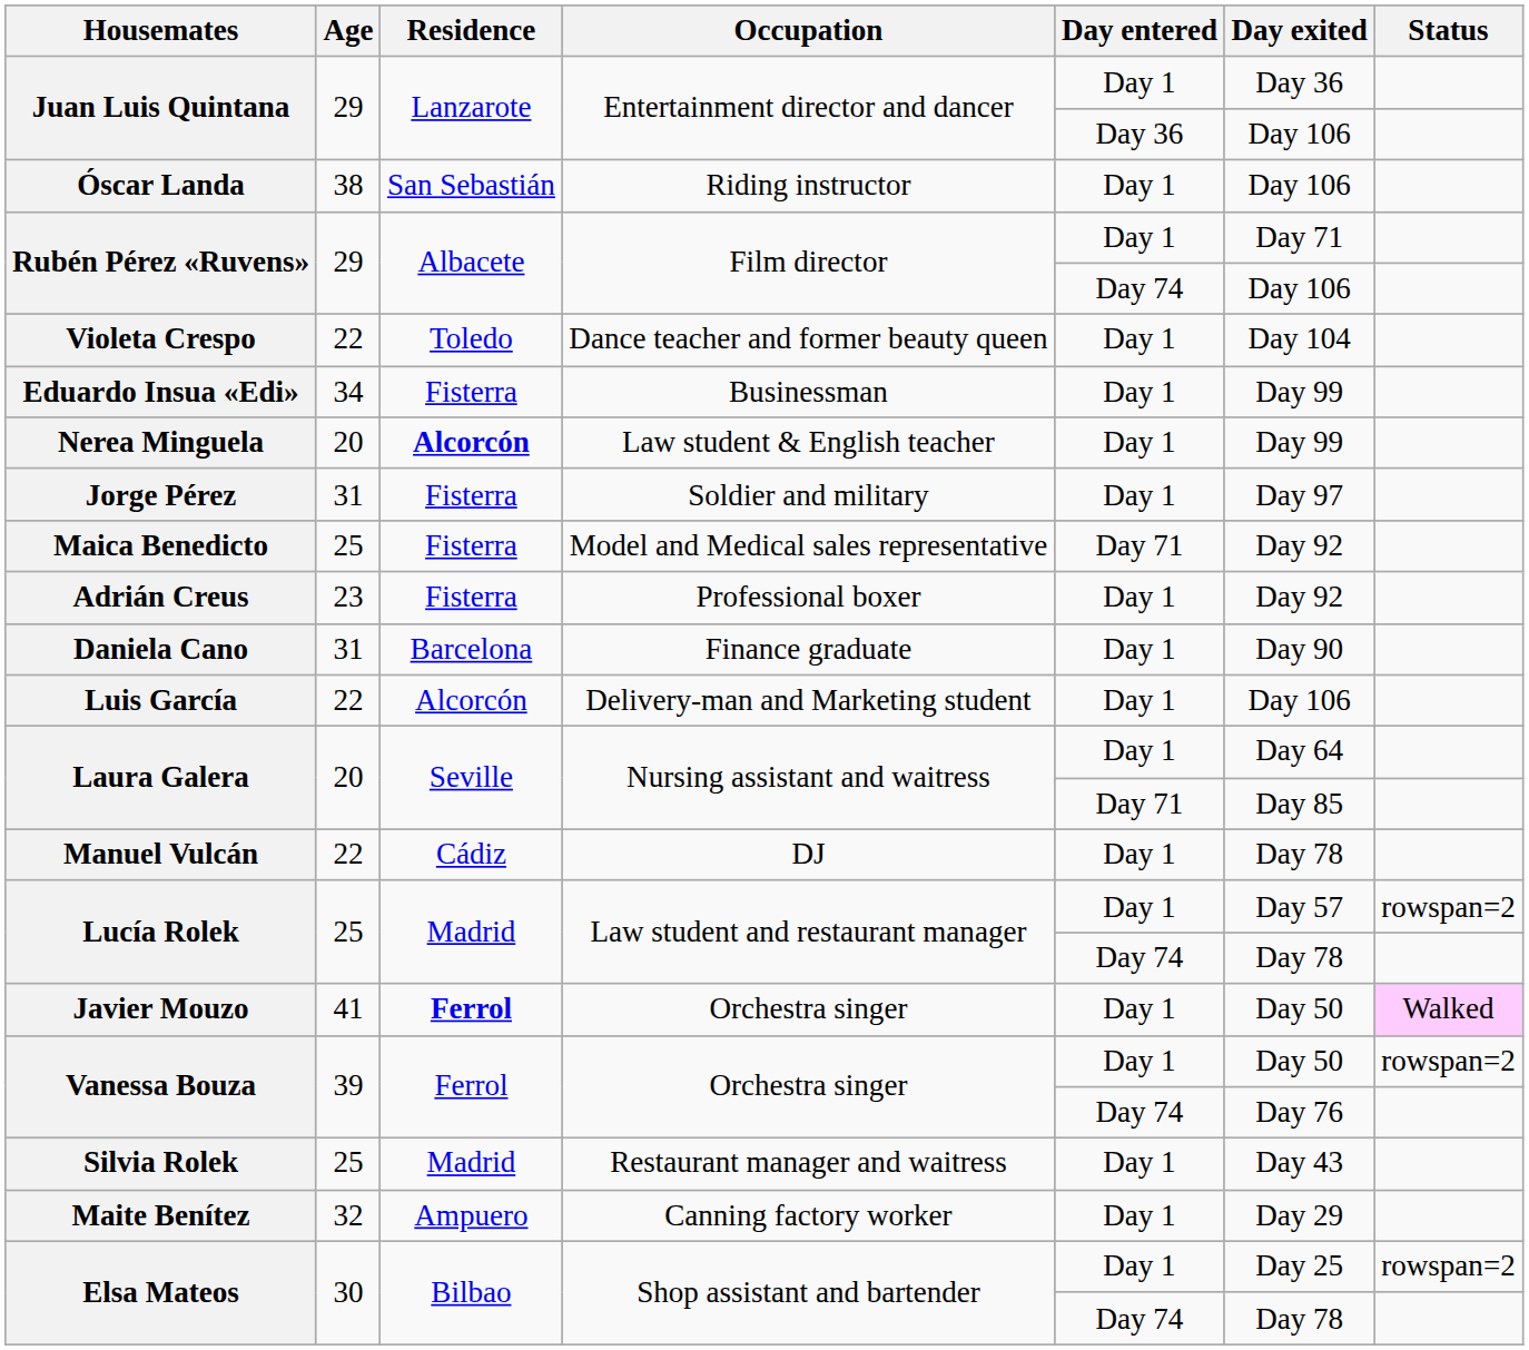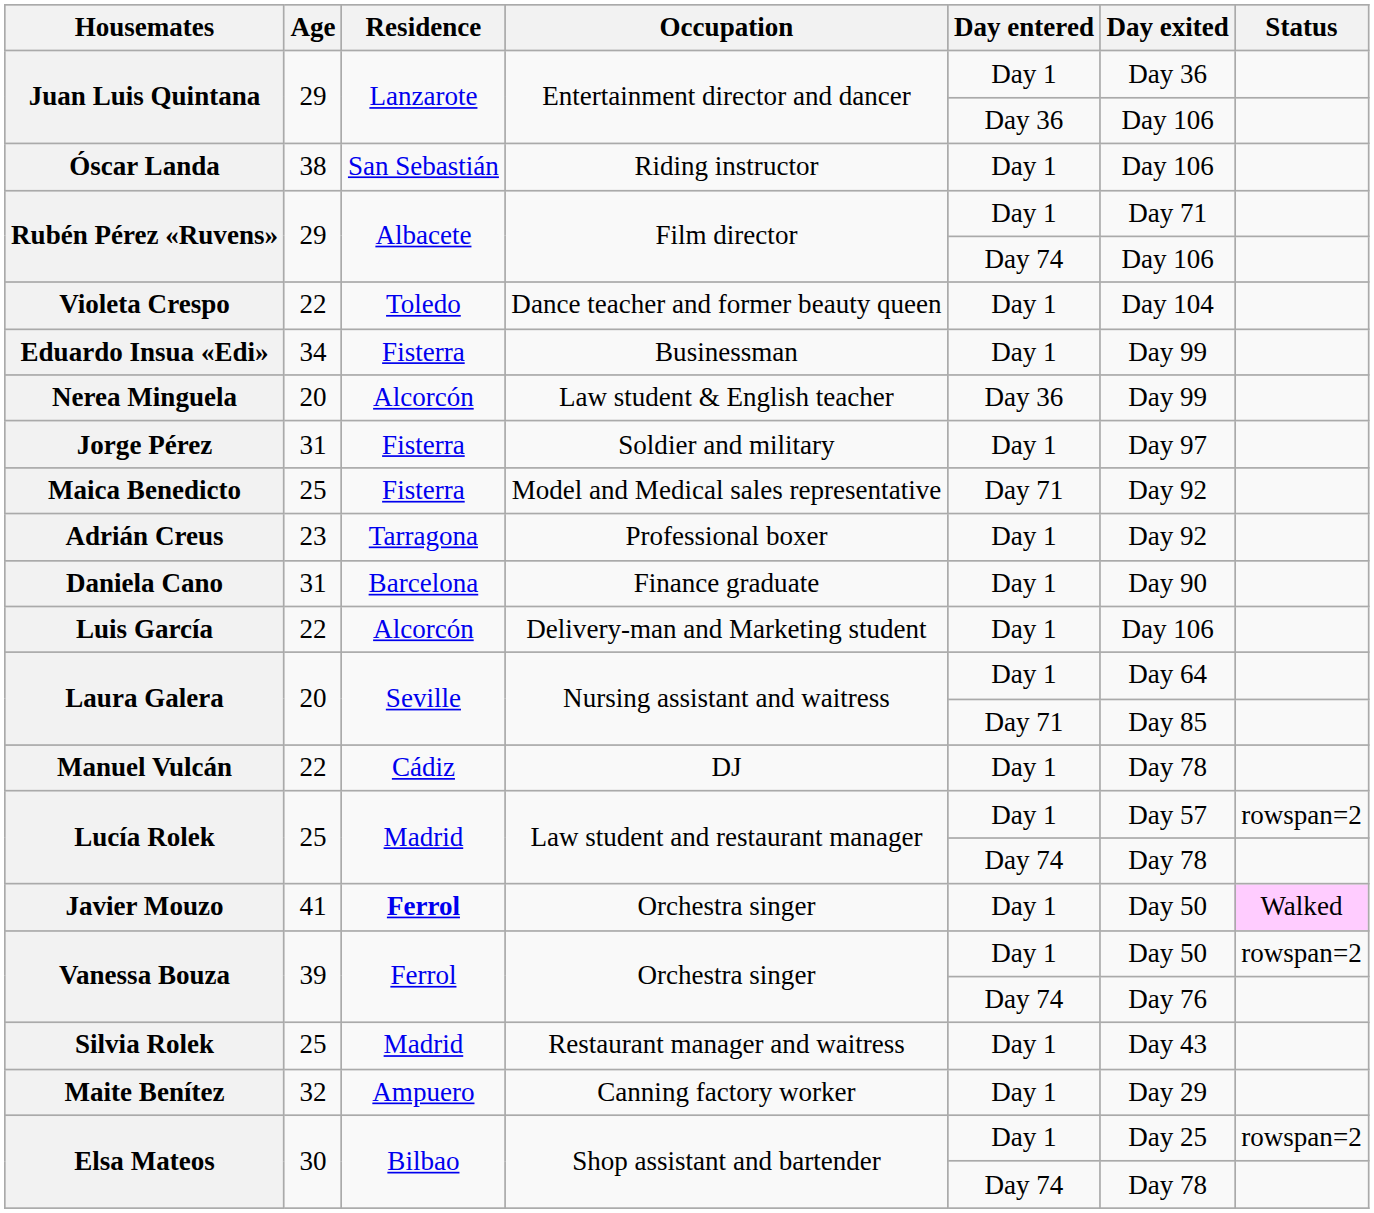 <table class="wikitable sortable" style="text-align:center; line-height:20px; width:auto;">
 <tr>
 <th>Housemates</th>
 <th>Age</th>
 <th>Residence</th>
 <th>Occupation</th>
 <th>Day entered</th>
 <th>Day exited</th>
 <th>Status</th>
 </tr>
 <tr>
 <th rowspan=2>Juan Luis Quintana</th>
 <td rowspan=2>29</td>
 <td rowspan=2><a href='#'>Lanzarote</a></td>
 <td rowspan=2>Entertainment director and dancer</td>
 <td>Day 1</td>
 <td>Day 36</td>
 <td></td>
 </tr>
 <tr>
 <td>Day 36</td>
 <td>Day 106</td>
 <td></td>
 </tr>
 <tr>
 <th>Óscar Landa</th>
 <td>38</td>
 <td><a href='#'>San Sebastián</a></td>
 <td>Riding instructor</td>
 <td>Day 1</td>
 <td>Day 106</td>
 <td></td>
 </tr>
 <tr>
 <th rowspan=2>Rubén Pérez «Ruvens»</th>
 <td rowspan=2>29</td>
 <td rowspan=2><a href='#'>Albacete</a></td>
 <td rowspan=2>Film director</td>
 <td>Day 1</td>
 <td>Day 71</td>
 <td></td>
 </tr>
 <tr>
 <td>Day 74</td>
 <td>Day 106</td>
 <td></td>
 </tr>
 <tr>
 <th>Violeta Crespo</th>
 <td>22</td>
 <td><a href='#'>Toledo</a></td>
 <td>Dance teacher and former beauty queen</td>
 <td>Day 1</td>
 <td>Day 104</td>
 <td></td>
 </tr>
 <tr>
 <th>Eduardo Insua «Edi»</th>
 <td>34</td>
 <td><a href='#'>Fisterra</a></td>
 <td>Businessman</td>
 <td>Day 1</td>
 <td>Day 99</td>
 <td></td>
 </tr>
 <tr>
 <th>Nerea Minguela</th>
 <td>20</td>
-<td><strong><a href='#'>Alcorcón</a></strong></td>
+<td><a href='#'>Alcorcón</a></td>
 <td>Law student & English teacher</td>
-<td>Day 1</td>
+<td>Day 36</td>
 <td>Day 99</td>
 <td></td>
 </tr>
 <tr>
 <th>Jorge Pérez</th>
 <td>31</td>
 <td><a href='#'>Fisterra</a></td>
 <td>Soldier and military</td>
 <td>Day 1</td>
 <td>Day 97</td>
 <td></td>
 </tr>
 <tr>
 <th>Maica Benedicto</th>
 <td>25</td>
 <td><a href='#'>Fisterra</a></td>
 <td>Model and Medical sales representative</td>
 <td>Day 71</td>
 <td>Day 92</td>
 <td></td>
 </tr>
 <tr>
 <th> Adrián Creus</th>
 <td>23</td>
-<td><a href='#'>Fisterra</a></td>
+<td><a href='#'>Tarragona</a></td>
 <td>Professional boxer</td>
 <td>Day 1</td>
 <td>Day 92</td>
 <td></td>
 </tr>
 <tr>
 <th> Daniela Cano</th>
 <td>31</td>
 <td><a href='#'>Barcelona</a></td>
 <td>Finance graduate</td>
 <td>Day 1</td>
 <td>Day 90</td>
 <td></td>
 </tr>
 <tr>
 <th>Luis García</th>
 <td>22</td>
 <td><a href='#'>Alcorcón</a></td>
 <td>Delivery-man and Marketing student</td>
 <td>Day 1</td>
 <td>Day 106</td>
 <td></td>
 </tr>
 <tr>
 <th rowspan=2>Laura Galera</th>
 <td rowspan=2>20</td>
 <td rowspan=2><a href='#'>Seville</a></td>
 <td rowspan=2>Nursing assistant and waitress</td>
 <td>Day 1</td>
 <td>Day 64</td>
 <td></td>
 </tr>
 <tr>
 <td>Day 71</td>
 <td>Day 85</td>
 <td></td>
 </tr>
 <tr>
 <th>Manuel Vulcán</th>
 <td>22</td>
 <td><a href='#'>Cádiz</a></td>
 <td>DJ</td>
 <td>Day 1</td>
 <td>Day 78</td>
 <td></td>
 </tr>
 <tr>
 <th rowspan=2> Lucía Rolek</th>
 <td rowspan=2>25</td>
 <td rowspan=2><a href='#'>Madrid</a></td>
 <td rowspan=2>Law student and restaurant manager</td>
 <td>Day 1</td>
 <td>Day 57</td>
 <td>rowspan=2 </td>
 </tr>
 <tr>
 <td>Day 74</td>
 <td>Day 78</td>
 </tr>
 <tr>
 <th>Javier Mouzo</th>
 <td>41</td>
 <td><strong><a href='#'>Ferrol</a></strong></td>
 <td>Orchestra singer</td>
 <td>Day 1</td>
 <td>Day 50</td>
 <td style="background:#fcf">Walked</td>
 </tr>
 <tr>
 <th rowspan=2>Vanessa Bouza</th>
 <td rowspan=2>39</td>
 <td rowspan=2><a href='#'>Ferrol</a></td>
 <td rowspan=2>Orchestra singer</td>
 <td>Day 1</td>
 <td>Day 50</td>
 <td>rowspan=2 </td>
 </tr>
 <tr>
 <td>Day 74</td>
 <td>Day 76</td>
 </tr>
 <tr>
 <th> Silvia Rolek</th>
 <td>25</td>
 <td><a href='#'>Madrid</a></td>
 <td>Restaurant manager and waitress</td>
 <td>Day 1</td>
 <td>Day 43</td>
 <td></td>
 </tr>
 <tr>
 <th>Maite Benítez</th>
 <td>32</td>
 <td><a href='#'>Ampuero</a></td>
 <td>Canning factory worker</td>
 <td>Day 1</td>
 <td>Day 29</td>
 <td></td>
 </tr>
 <tr>
 <th rowspan=2>Elsa Mateos</th>
 <td rowspan=2>30</td>
 <td rowspan=2><a href='#'>Bilbao</a></td>
 <td rowspan=2>Shop assistant and bartender</td>
 <td>Day 1</td>
 <td>Day 25</td>
 <td>rowspan=2 </td>
 </tr>
 <tr>
 <td>Day 74</td>
 <td>Day 78</td>
 </tr>
 </table>
